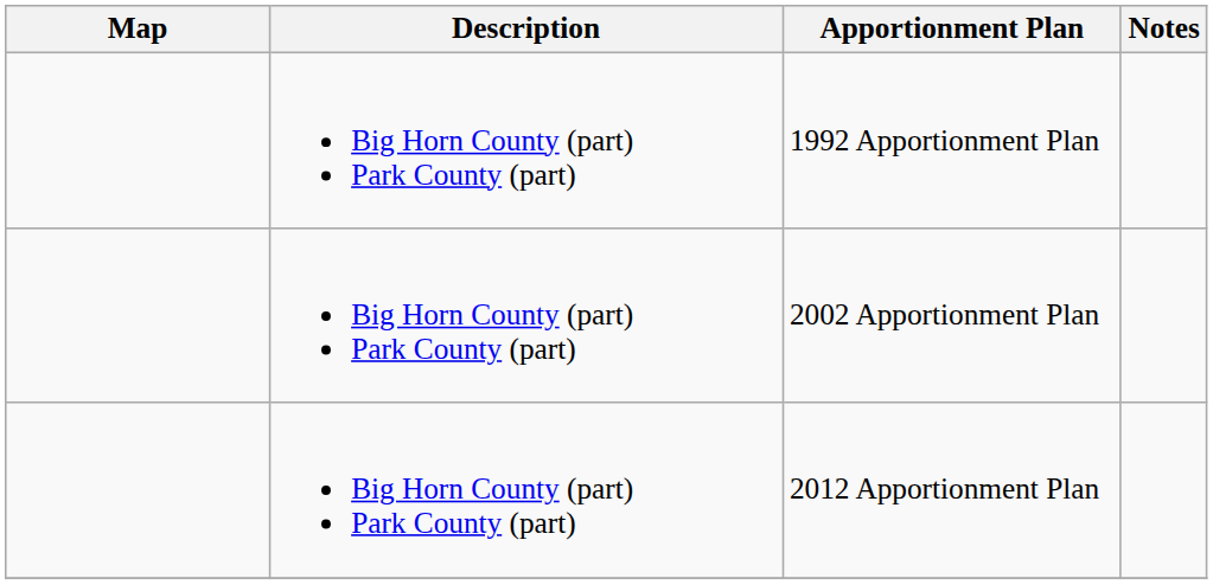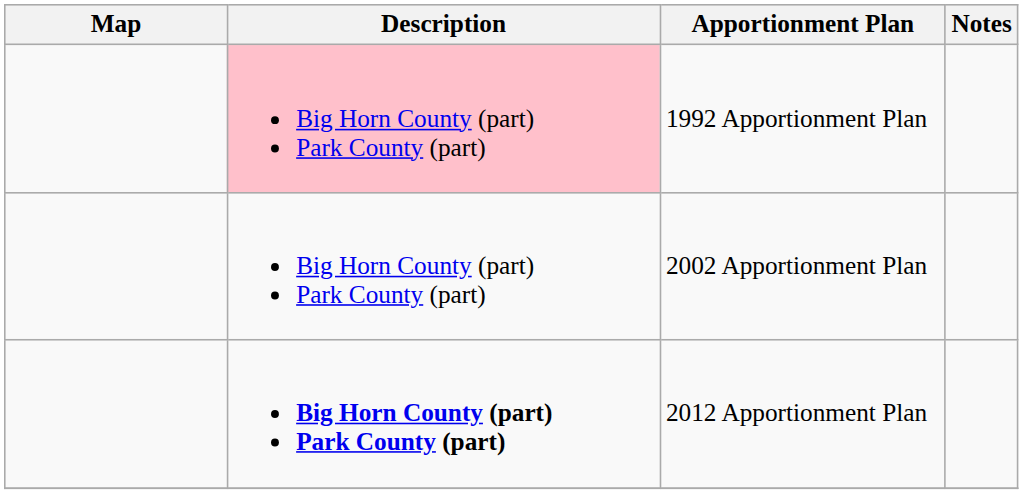 <table class="wikitable sortable">
 <tr>
 <th style="width:100pt;">Map</th>
 <th style="width:200pt;">Description</th>
 <th style="width:130pt;">Apportionment Plan</th>
 <th style="width:15pt;">Notes</th>
 </tr>
 <tr>
 <td></td>
-<td><br><ul><li><a href='#'>Big Horn County</a> (part)</li><li><a href='#'>Park County</a> (part)</li></ul></td>
+<td style="background: pink;"><br><ul><li><a href='#'>Big Horn County</a> (part)</li><li><a href='#'>Park County</a> (part)</li></ul></td>
 <td>1992 Apportionment Plan</td>
 <td></td>
 </tr>
 <tr>
 <td></td>
 <td><br><ul><li><a href='#'>Big Horn County</a> (part)</li><li><a href='#'>Park County</a> (part)</li></ul></td>
 <td>2002 Apportionment Plan</td>
 <td></td>
 </tr>
 <tr>
 <td></td>
-<td><br><ul><li><a href='#'>Big Horn County</a> (part)</li><li><a href='#'>Park County</a> (part)</li></ul></td>
+<td><strong><br><ul><li><a href='#'>Big Horn County</a> (part)</li><li><a href='#'>Park County</a> (part)</li></ul></strong></td>
 <td>2012 Apportionment Plan</td>
 <td></td>
 </tr>
 <tr>
 </tr>
 </table>
